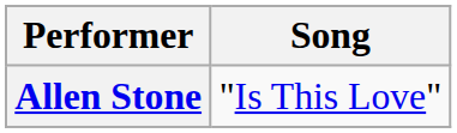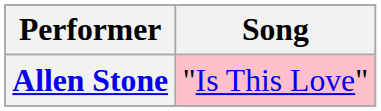 <table class="wikitable unsortable" style="text-align:center">
 <tr>
 <th scope="col">Performer</th>
 <th scope="col">Song</th>
 </tr>
 <tr>
 <th scope="row"><a href='#'>Allen Stone</a></th>
-<td>"<a href='#'>Is This Love</a>"</td>
+<td style="background: pink;">"<a href='#'>Is This Love</a>"</td>
 </tr>
 </table>
